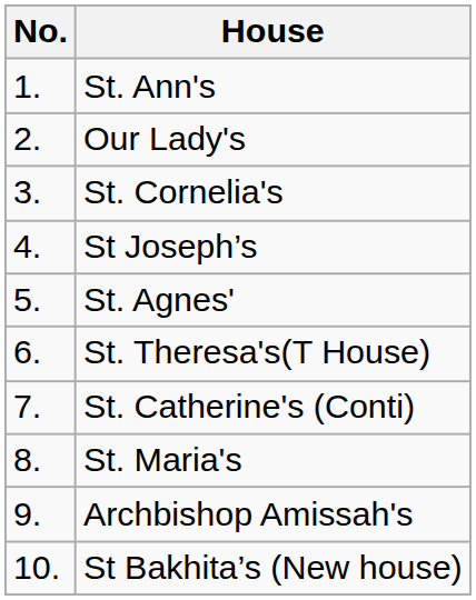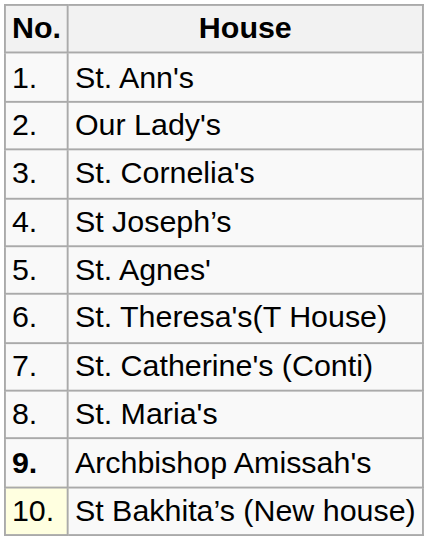 <table class="wikitable sortable">
 <tr>
 <th>No.</th>
 <th>House</th>
 </tr>
 <tr>
 <td>1.</td>
 <td>St. Ann's</td>
 </tr>
 <tr>
 <td>2.</td>
 <td>Our Lady's</td>
 </tr>
 <tr>
 <td>3.</td>
 <td>St. Cornelia's</td>
 </tr>
 <tr>
 <td>4.</td>
 <td>St Joseph’s</td>
 </tr>
 <tr>
 <td>5.</td>
 <td>St. Agnes'</td>
 </tr>
 <tr>
 <td>6.</td>
 <td>St. Theresa's(T House)</td>
 </tr>
 <tr>
 <td>7.</td>
 <td>St. Catherine's (Conti)</td>
 </tr>
 <tr>
 <td>8.</td>
 <td>St. Maria's</td>
 </tr>
 <tr>
-<td>9.</td>
+<td><strong>9.</strong></td>
 <td>Archbishop Amissah's</td>
 </tr>
 <tr>
-<td>10.</td>
+<td style="background: lightyellow;">10.</td>
 <td>St Bakhita’s (New house)</td>
 </tr>
 </table>
